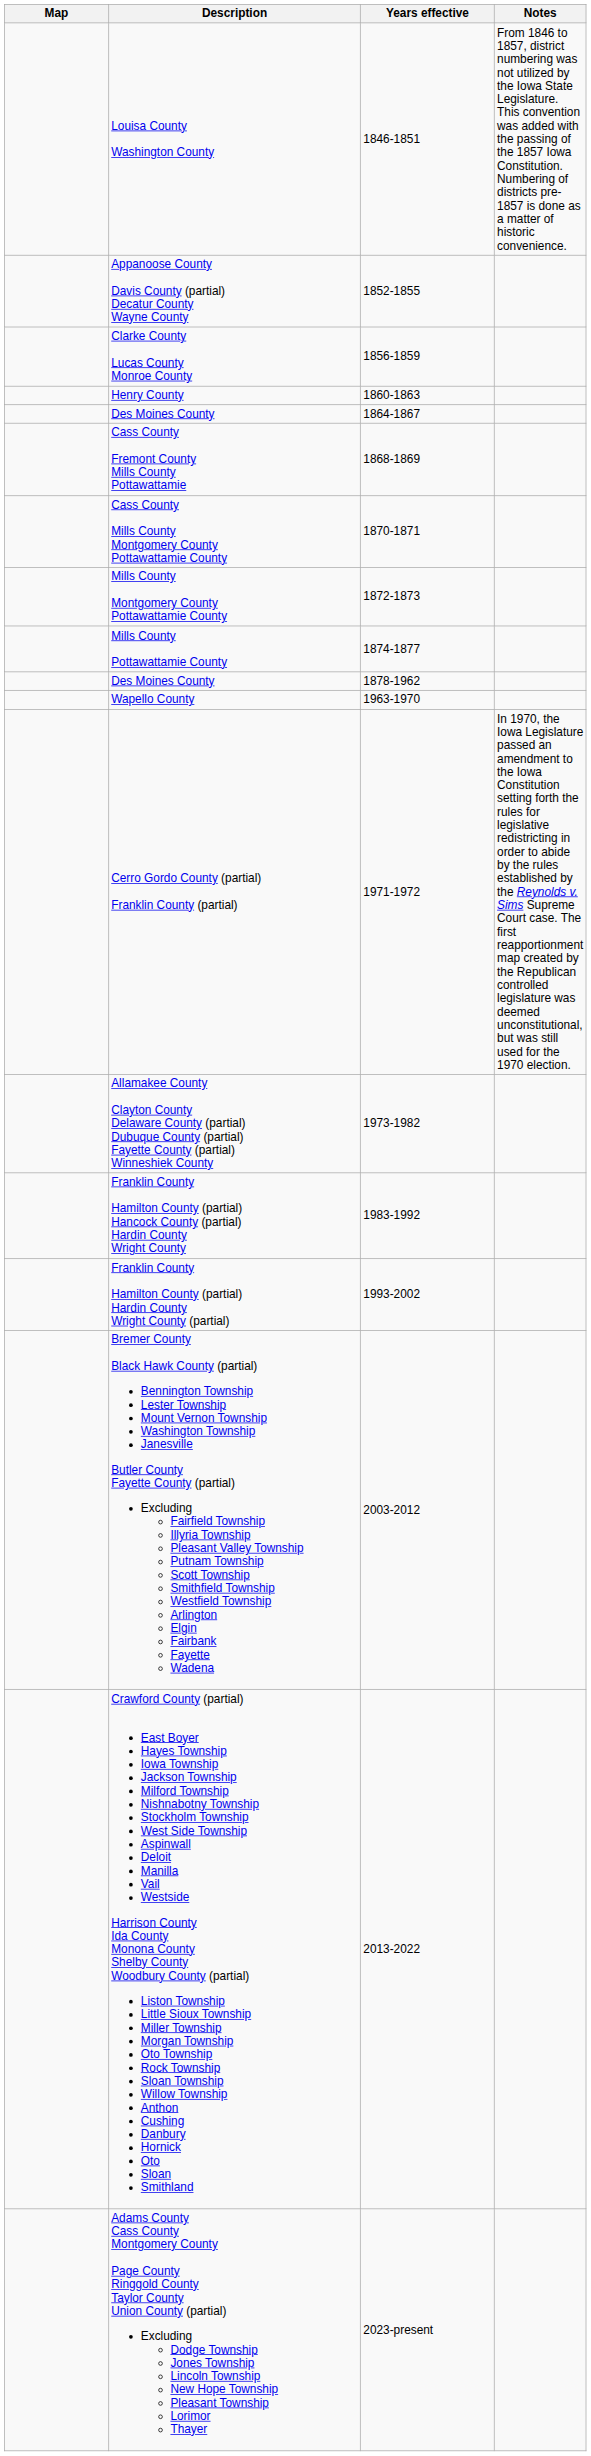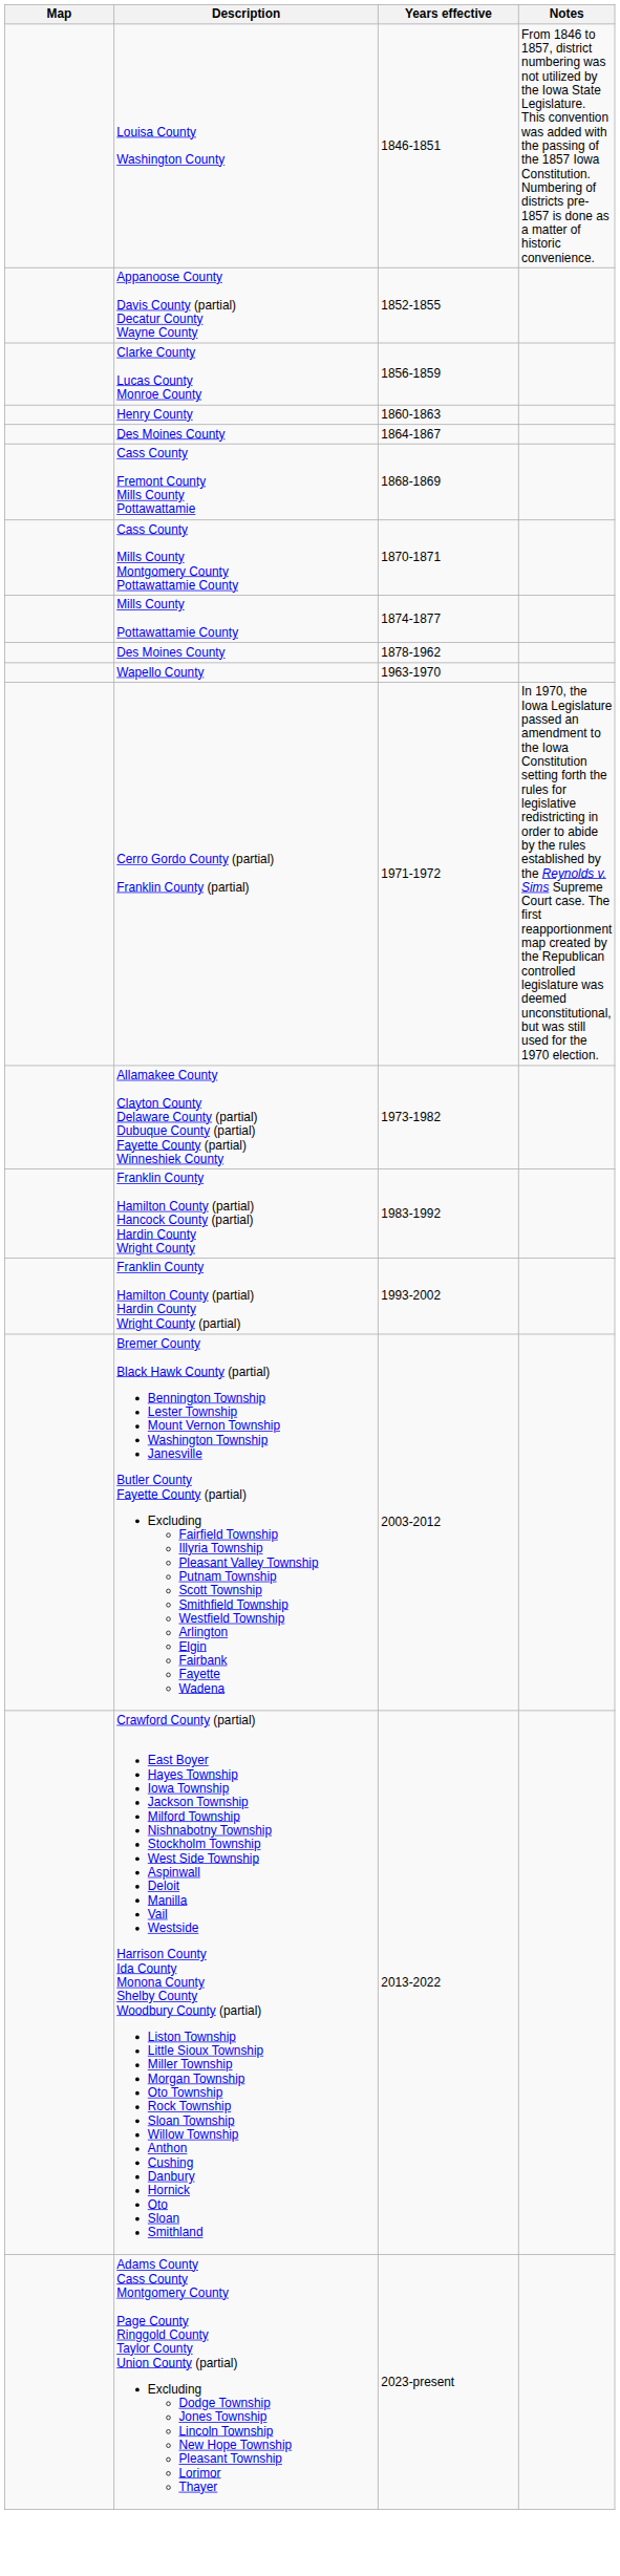 <table class="wikitable sortable">
 <tr>
 <th style="width:100pt;">Map</th>
 <th style="width:250pt;">Description</th>
 <th style="width:130pt;">Years effective</th>
 <th style="width:15pt;">Notes</th>
 </tr>
 <tr>
 <td></td>
 <td><a href='#'>Louisa County</a><br><br><a href='#'>Washington County</a></td>
 <td>1846-1851</td>
 <td>From 1846 to 1857, district numbering was not utilized by the Iowa State Legislature. This convention was added with the passing of the 1857 Iowa Constitution. Numbering of districts pre-1857 is done as a matter of historic convenience.</td>
 </tr>
 <tr>
 <td></td>
 <td><a href='#'>Appanoose County</a><br><br><a href='#'>Davis County</a> (partial)<br> <a href='#'>Decatur County</a><br> <a href='#'>Wayne County</a></td>
 <td>1852-1855</td>
 <td></td>
 </tr>
 <tr>
 <td></td>
 <td><a href='#'>Clarke County</a><br><br><a href='#'>Lucas County</a><br> <a href='#'>Monroe County</a></td>
 <td>1856-1859</td>
 <td></td>
 </tr>
 <tr>
 <td></td>
 <td><a href='#'>Henry County</a></td>
 <td>1860-1863</td>
 <td></td>
 </tr>
 <tr>
 <td></td>
 <td><a href='#'>Des Moines County</a></td>
 <td>1864-1867</td>
 <td></td>
 </tr>
 <tr>
 <td></td>
 <td><a href='#'>Cass County</a><br><br><a href='#'>Fremont County</a><br> <a href='#'>Mills County</a><br> <a href='#'>Pottawattamie</a></td>
 <td>1868-1869</td>
 <td></td>
 </tr>
 <tr>
 <td></td>
 <td><a href='#'>Cass County</a><br><br><a href='#'>Mills County</a><br> <a href='#'>Montgomery County</a><br> <a href='#'>Pottawattamie County</a></td>
 <td>1870-1871</td>
-<td></td>
-</tr>
-<tr>
-<td></td>
-<td><a href='#'>Mills County</a><br><br><a href='#'>Montgomery County</a><br> <a href='#'>Pottawattamie County</a></td>
-<td>1872-1873</td>
 <td></td>
 </tr>
 <tr>
 <td></td>
 <td><a href='#'>Mills County</a><br><br><a href='#'>Pottawattamie County</a></td>
 <td>1874-1877</td>
 <td></td>
 </tr>
 <tr>
 <td></td>
 <td><a href='#'>Des Moines County</a></td>
 <td>1878-1962</td>
 <td></td>
 </tr>
 <tr>
 <td></td>
 <td><a href='#'>Wapello County</a></td>
 <td>1963-1970</td>
 <td></td>
 </tr>
 <tr>
 <td></td>
 <td><a href='#'>Cerro Gordo County</a> (partial)<br><br><a href='#'>Franklin County</a> (partial)</td>
 <td>1971-1972</td>
 <td>In 1970, the Iowa Legislature passed an amendment to the Iowa Constitution setting forth the rules for legislative redistricting in order to abide by the rules established by the <em><a href='#'>Reynolds v. Sims</a></em> Supreme Court case. The first reapportionment map created by the Republican controlled legislature was deemed unconstitutional, but was still used for the 1970 election.</td>
 </tr>
 <tr>
 <td></td>
 <td><a href='#'>Allamakee County</a><br><br><a href='#'>Clayton County</a><br> <a href='#'>Delaware County</a> (partial)<br> <a href='#'>Dubuque County</a> (partial)<br> <a href='#'>Fayette County</a> (partial)<br> <a href='#'>Winneshiek County</a></td>
 <td>1973-1982</td>
 <td></td>
 </tr>
 <tr>
 <td></td>
 <td><a href='#'>Franklin County</a><br><br><a href='#'>Hamilton County</a> (partial)<br> <a href='#'>Hancock County</a> (partial)<br> <a href='#'>Hardin County</a><br> <a href='#'>Wright County</a></td>
 <td>1983-1992</td>
 <td></td>
 </tr>
 <tr>
 <td></td>
 <td><a href='#'>Franklin County</a><br><br><a href='#'>Hamilton County</a> (partial)<br> <a href='#'>Hardin County</a><br> <a href='#'>Wright County</a> (partial)</td>
 <td>1993-2002</td>
 <td></td>
 </tr>
 <tr>
 <td></td>
 <td><a href='#'>Bremer County</a><br><br><a href='#'>Black Hawk County</a> (partial)<br><ul><li><a href='#'>Bennington Township</a></li><li><a href='#'>Lester Township</a></li><li><a href='#'>Mount Vernon Township</a></li><li><a href='#'>Washington Township</a></li><li><a href='#'>Janesville</a></li></ul><a href='#'>Butler County</a> <br> <a href='#'>Fayette County</a> (partial)<ul><li>Excluding<ul><li><a href='#'>Fairfield Township</a></li><li><a href='#'>Illyria Township</a></li><li><a href='#'>Pleasant Valley Township</a></li><li><a href='#'>Putnam Township</a></li><li><a href='#'>Scott Township</a></li><li><a href='#'>Smithfield Township</a></li><li><a href='#'>Westfield Township</a></li><li><a href='#'>Arlington</a></li><li><a href='#'>Elgin</a></li><li><a href='#'>Fairbank</a></li><li><a href='#'>Fayette</a></li><li><a href='#'>Wadena</a></li></ul></li></ul></td>
 <td>2003-2012</td>
 <td></td>
 </tr>
 <tr>
 <td></td>
 <td><a href='#'>Crawford County</a> (partial)<br><br><ul><li><a href='#'>East Boyer</a></li><li><a href='#'>Hayes Township</a></li><li><a href='#'>Iowa Township</a></li><li><a href='#'>Jackson Township</a></li><li><a href='#'>Milford Township</a></li><li><a href='#'>Nishnabotny Township</a></li><li><a href='#'>Stockholm Township</a></li><li><a href='#'>West Side Township</a></li><li><a href='#'>Aspinwall</a></li><li><a href='#'>Deloit</a></li><li><a href='#'>Manilla</a></li><li><a href='#'>Vail</a></li><li><a href='#'>Westside</a></li></ul><a href='#'>Harrison County</a><br> <a href='#'>Ida County</a><br> <a href='#'>Monona County</a><br> <a href='#'>Shelby County</a><br> <a href='#'>Woodbury County</a> (partial)<ul><li><a href='#'>Liston Township</a></li><li><a href='#'>Little Sioux Township</a></li><li><a href='#'>Miller Township</a></li><li><a href='#'>Morgan Township</a></li><li><a href='#'>Oto Township</a></li><li><a href='#'>Rock Township</a></li><li><a href='#'>Sloan Township</a></li><li><a href='#'>Willow Township</a></li><li><a href='#'>Anthon</a></li><li><a href='#'>Cushing</a></li><li><a href='#'>Danbury</a></li><li><a href='#'>Hornick</a></li><li><a href='#'>Oto</a></li><li><a href='#'>Sloan</a></li><li><a href='#'>Smithland</a></li></ul></td>
 <td>2013-2022</td>
 <td></td>
 </tr>
 <tr>
 <td></td>
 <td><a href='#'>Adams County</a><br><a href='#'>Cass County</a><br><a href='#'>Montgomery County</a><br><br><a href='#'>Page County</a><br><a href='#'>Ringgold County</a><br> <a href='#'>Taylor County</a><br> <a href='#'>Union County</a> (partial)<ul><li>Excluding<ul><li><a href='#'>Dodge Township</a></li><li><a href='#'>Jones Township</a></li><li><a href='#'>Lincoln Township</a></li><li><a href='#'>New Hope Township</a></li><li><a href='#'>Pleasant Township</a></li><li><a href='#'>Lorimor</a></li><li><a href='#'>Thayer</a></li></ul></li></ul></td>
 <td>2023-present</td>
 <td></td>
 </tr>
 </table>
